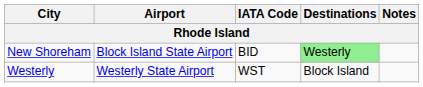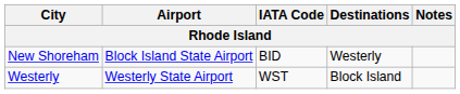 <table class="wikitable">
 <tr>
 <th>City</th>
 <th>Airport</th>
 <th>IATA Code</th>
 <th>Destinations</th>
 <th>Notes</th>
 </tr>
 <tr>
 <th colspan="5">  Rhode Island</th>
 </tr>
 <tr>
 <td><a href='#'>New Shoreham</a></td>
 <td><a href='#'>Block Island State Airport</a></td>
 <td>BID</td>
-<td style="background: lightgreen;">Westerly</td>
+<td>Westerly</td>
 <td></td>
 </tr>
 <tr>
 <td><a href='#'>Westerly</a></td>
 <td><a href='#'>Westerly State Airport</a></td>
 <td>WST</td>
 <td>Block Island</td>
 <td></td>
 </tr>
 </table>
